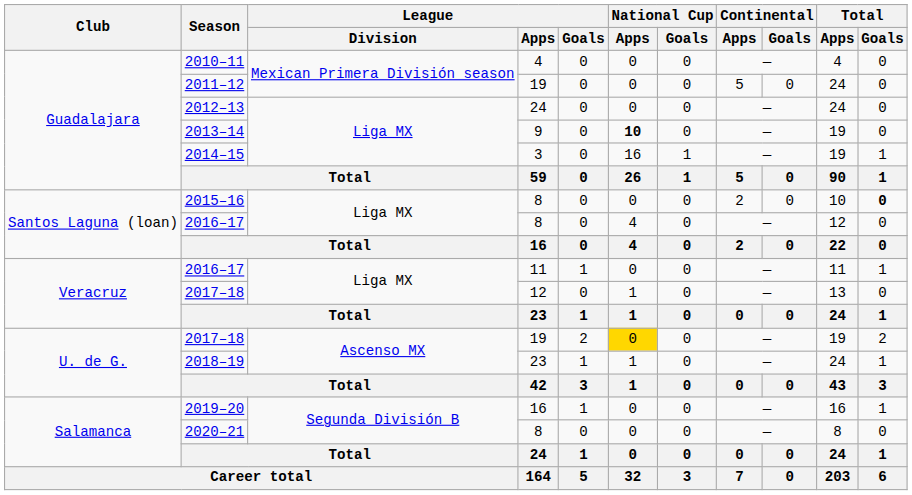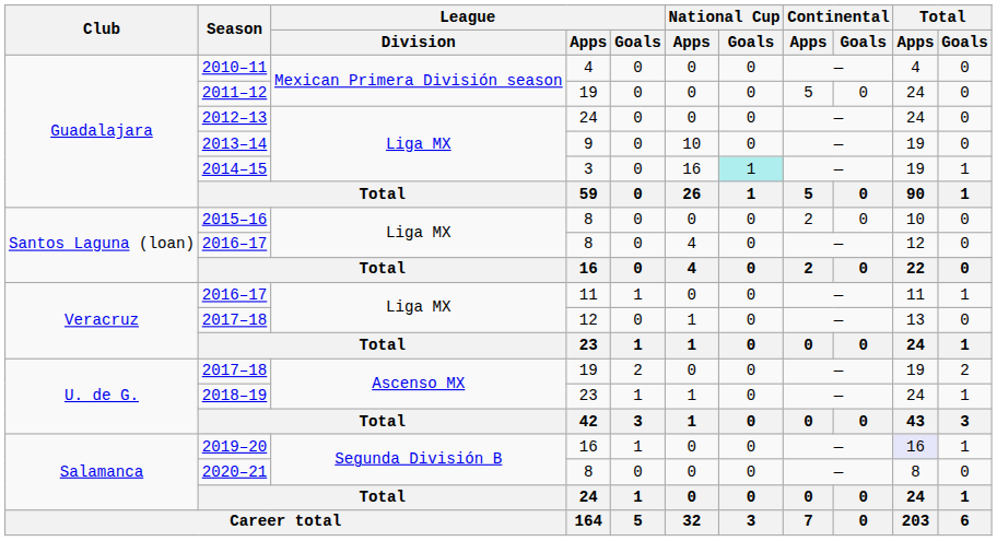 <table class="wikitable" style="text-align:center">
 <tr>
 <th rowspan="2">Club</th>
 <th rowspan="2">Season</th>
 <th colspan="3">League</th>
 <th colspan="2">National Cup</th>
 <th colspan="2">Continental</th>
 <th colspan="2">Total</th>
 </tr>
 <tr>
 <th>Division</th>
 <th>Apps</th>
 <th>Goals</th>
 <th>Apps</th>
 <th>Goals</th>
 <th>Apps</th>
 <th>Goals</th>
 <th>Apps</th>
 <th>Goals</th>
 </tr>
 <tr>
 <td rowspan="6"><a href='#'>Guadalajara</a></td>
 <td><a href='#'>2010–11</a></td>
 <td rowspan="2"><a href='#'>Mexican Primera División season</a></td>
 <td>4</td>
 <td>0</td>
 <td>0</td>
 <td>0</td>
 <td colspan="2">—</td>
 <td>4</td>
 <td>0</td>
 </tr>
 <tr>
 <td><a href='#'>2011–12</a></td>
 <td>19</td>
 <td>0</td>
 <td>0</td>
 <td>0</td>
 <td>5</td>
 <td>0</td>
 <td>24</td>
 <td>0</td>
 </tr>
 <tr>
 <td><a href='#'>2012–13</a></td>
 <td rowspan="3"><a href='#'>Liga MX</a></td>
 <td>24</td>
 <td>0</td>
 <td>0</td>
 <td>0</td>
 <td colspan="2">—</td>
 <td>24</td>
 <td>0</td>
 </tr>
 <tr>
 <td><a href='#'>2013–14</a></td>
 <td>9</td>
 <td>0</td>
-<td><strong>10</strong></td>
+<td>10</td>
 <td>0</td>
 <td colspan="2">—</td>
 <td>19</td>
 <td>0</td>
 </tr>
 <tr>
 <td><a href='#'>2014–15</a></td>
 <td>3</td>
 <td>0</td>
 <td>16</td>
-<td>1</td>
+<td style="background: paleturquoise;">1</td>
 <td colspan="2">—</td>
 <td>19</td>
 <td>1</td>
 </tr>
 <tr>
 <th colspan="2">Total</th>
 <th>59</th>
 <th>0</th>
 <th>26</th>
 <th>1</th>
 <th>5</th>
 <th>0</th>
 <th>90</th>
 <th>1</th>
 </tr>
 <tr>
 <td rowspan="3"><a href='#'>Santos Laguna</a> (loan)</td>
 <td><a href='#'>2015–16</a></td>
 <td rowspan="2">Liga MX</td>
 <td>8</td>
 <td>0</td>
 <td>0</td>
 <td>0</td>
 <td>2</td>
 <td>0</td>
 <td>10</td>
-<td><strong>0</strong></td>
+<td>0</td>
 </tr>
 <tr>
 <td><a href='#'>2016–17</a></td>
 <td>8</td>
 <td>0</td>
 <td>4</td>
 <td>0</td>
 <td colspan="2">—</td>
 <td>12</td>
 <td>0</td>
 </tr>
 <tr>
 <th colspan="2">Total</th>
 <th>16</th>
 <th>0</th>
 <th>4</th>
 <th>0</th>
 <th>2</th>
 <th>0</th>
 <th>22</th>
 <th>0</th>
 </tr>
 <tr>
 <td rowspan="3"><a href='#'>Veracruz</a></td>
 <td><a href='#'>2016–17</a></td>
 <td rowspan="2">Liga MX</td>
 <td>11</td>
 <td>1</td>
 <td>0</td>
 <td>0</td>
 <td colspan="2">—</td>
 <td>11</td>
 <td>1</td>
 </tr>
 <tr>
 <td><a href='#'>2017–18</a></td>
 <td>12</td>
 <td>0</td>
 <td>1</td>
 <td>0</td>
 <td colspan="2">—</td>
 <td>13</td>
 <td>0</td>
 </tr>
 <tr>
 <th colspan="2">Total</th>
 <th>23</th>
 <th>1</th>
 <th>1</th>
 <th>0</th>
 <th>0</th>
 <th>0</th>
 <th>24</th>
 <th>1</th>
 </tr>
 <tr>
 <td rowspan="3"><a href='#'>U. de G.</a></td>
 <td><a href='#'>2017–18</a></td>
 <td rowspan="2"><a href='#'>Ascenso MX</a></td>
 <td>19</td>
 <td>2</td>
-<td style="background: gold;">0</td>
+<td>0</td>
 <td>0</td>
 <td colspan="2">—</td>
 <td>19</td>
 <td>2</td>
 </tr>
 <tr>
 <td><a href='#'>2018–19</a></td>
 <td>23</td>
 <td>1</td>
 <td>1</td>
 <td>0</td>
 <td colspan="2">—</td>
 <td>24</td>
 <td>1</td>
 </tr>
 <tr>
 <th colspan="2">Total</th>
 <th>42</th>
 <th>3</th>
 <th>1</th>
 <th>0</th>
 <th>0</th>
 <th>0</th>
 <th>43</th>
 <th>3</th>
 </tr>
 <tr>
 <td rowspan="3"><a href='#'>Salamanca</a></td>
 <td><a href='#'>2019–20</a></td>
 <td rowspan="2"><a href='#'>Segunda División B</a></td>
 <td>16</td>
 <td>1</td>
 <td>0</td>
 <td>0</td>
 <td colspan="2">—</td>
-<td>16</td>
+<td style="background: lavender;">16</td>
 <td>1</td>
 </tr>
 <tr>
 <td><a href='#'>2020–21</a></td>
 <td>8</td>
 <td>0</td>
 <td>0</td>
 <td>0</td>
 <td colspan="2">—</td>
 <td>8</td>
 <td>0</td>
 </tr>
 <tr>
 <th colspan="2">Total</th>
 <th>24</th>
 <th>1</th>
 <th>0</th>
 <th>0</th>
 <th>0</th>
 <th>0</th>
 <th>24</th>
 <th>1</th>
 </tr>
 <tr>
 <th colspan="3">Career total</th>
 <th>164</th>
 <th>5</th>
 <th>32</th>
 <th>3</th>
 <th>7</th>
 <th>0</th>
 <th>203</th>
 <th>6</th>
 </tr>
 </table>
